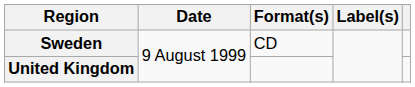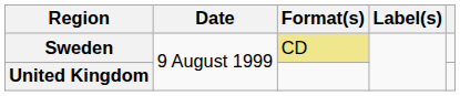 <table class="wikitable plainrowheaders">
 <tr>
 <th scope="col">Region</th>
 <th scope="col">Date</th>
 <th scope="col">Format(s)</th>
 <th scope="col">Label(s)</th>
 <th scope="col"></th>
 </tr>
 <tr>
 <th scope="row">Sweden</th>
 <td rowspan="2">9 August 1999</td>
-<td>CD</td>
+<td style="background: khaki;">CD</td>
 <td rowspan="2"></td>
 <td></td>
 </tr>
 <tr>
 <th scope="row">United Kingdom</th>
 <td></td>
 <td></td>
 </tr>
 </table>
